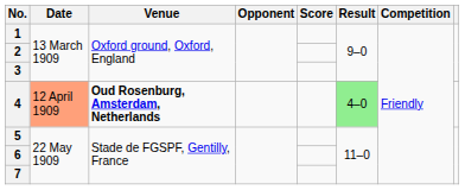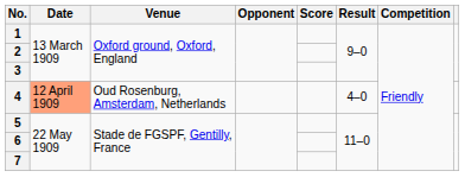 <table class="wikitable plainrowheaders sortable">
 <tr>
 <th scope=col>No.</th>
 <th scope=col>Date</th>
 <th scope=col>Venue</th>
 <th scope=col>Opponent</th>
 <th scope=col>Score</th>
 <th scope=col>Result</th>
 <th scope=col>Competition</th>
 <th scope=col class=unsortable></th>
 </tr>
 <tr>
 <th scope=row>1</th>
 <td rowspan=3>13 March 1909</td>
 <td rowspan=3><a href='#'>Oxford ground</a>, <a href='#'>Oxford</a>, England</td>
 <td rowspan=3></td>
 <td></td>
 <td rowspan=3 style="text-align:center;">9–0</td>
 <td rowspan=7><a href='#'>Friendly</a></td>
 <td rowspan=3></td>
 </tr>
 <tr>
 <th scope=row>2</th>
 <td></td>
 </tr>
 <tr>
 <th scope=row>3</th>
 <td></td>
 </tr>
 <tr>
 <th scope=row>4</th>
 <td style="background: lightsalmon;">12 April 1909</td>
-<td><strong>Oud Rosenburg, <a href='#'>Amsterdam</a>, Netherlands</strong></td>
+<td>Oud Rosenburg, <a href='#'>Amsterdam</a>, Netherlands</td>
 <td></td>
 <td></td>
-<td style="background: lightgreen; text-align:center;">4–0</td>
+<td style="text-align:center;">4–0</td>
 <td></td>
 </tr>
 <tr>
 <th scope=row>5</th>
 <td rowspan=3>22 May 1909</td>
 <td rowspan=3>Stade de FGSPF, <a href='#'>Gentilly</a>, France</td>
 <td rowspan=3></td>
 <td></td>
 <td rowspan=3 style="text-align:center;">11–0</td>
 <td rowspan=3></td>
 </tr>
 <tr>
 <th scope=row>6</th>
 <td></td>
 </tr>
 <tr>
 <th scope=row>7</th>
 <td></td>
 </tr>
 </table>
